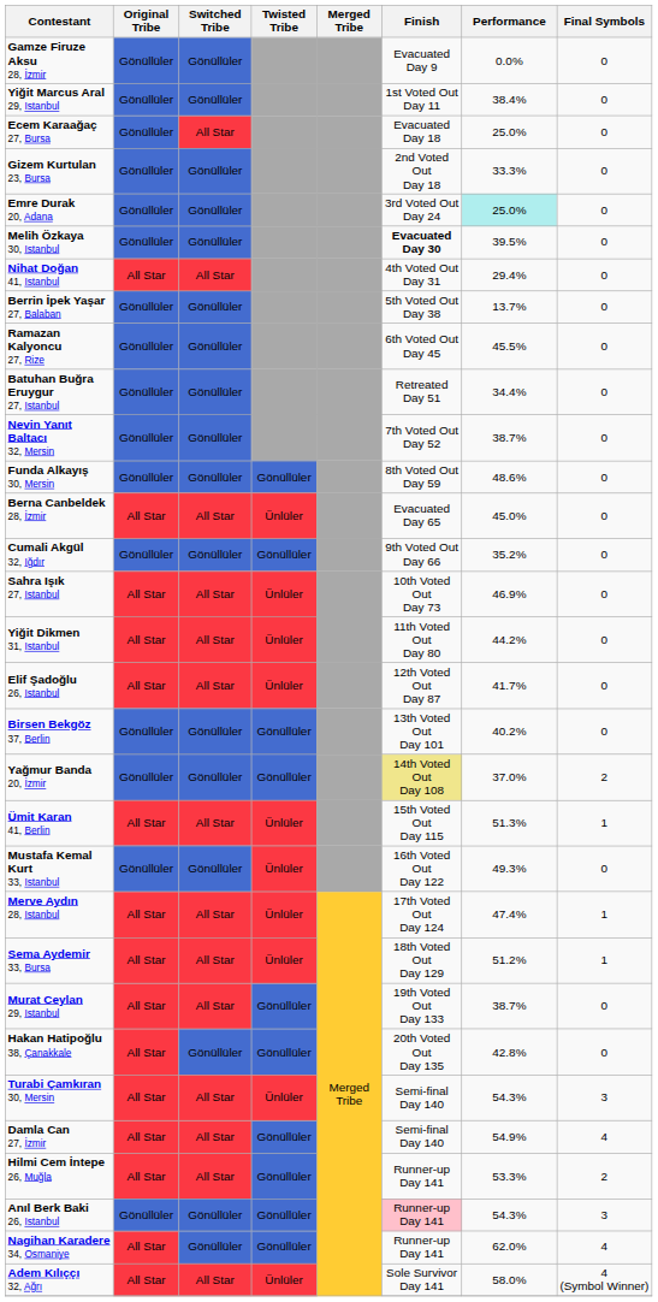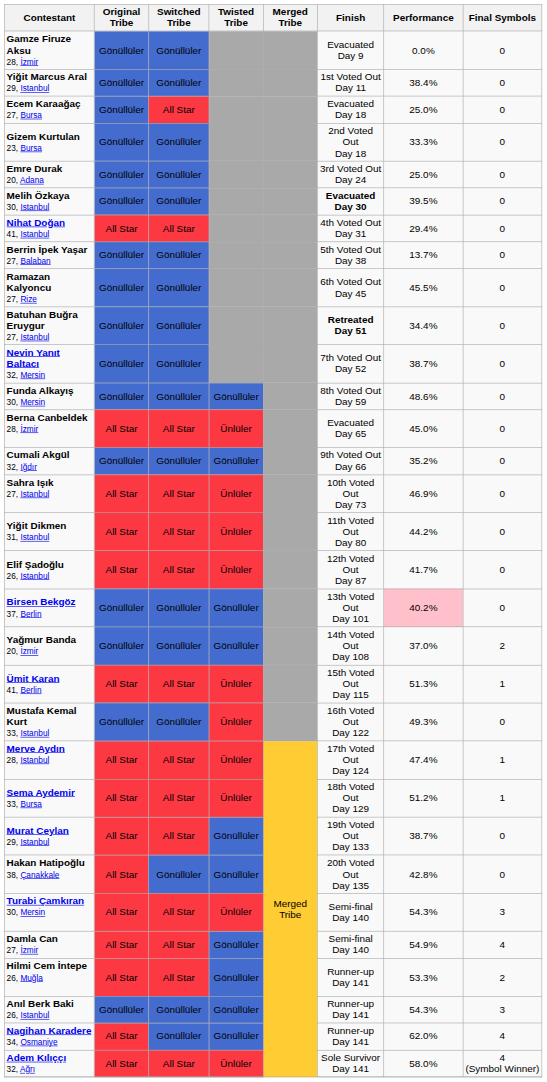 <table class="wikitable sortable mw-collapsible mw-collapsed" style="text-align:left">
 <tr>
 <th>Contestant</th>
 <th width="80">Original Tribe</th>
 <th width="90">Switched Tribe</th>
 <th width="80">Twisted Tribe</th>
 <th width="80">Merged Tribe</th>
 <th width="100">Finish</th>
 <th width="120">Performance</th>
 <th width="120">Final Symbols</th>
 </tr>
 <tr>
 <td align="left"><strong>Gamze Firuze Aksu</strong><br><small>28, <a href='#'>İzmir</a></small></td>
 <td bgcolor="#446CCF" align="center"><span>Gönüllüler</span></td>
 <td bgcolor="#446CCF" align="center"><span>Gönüllüler</span></td>
 <td bgcolor="darkgray"></td>
 <td bgcolor="darkgray"></td>
 <td align="center">Evacuated<br>Day 9</td>
 <td align="center">0.0%</td>
 <td align="center">0</td>
 </tr>
 <tr>
 <td align="left"><strong>Yiğit Marcus Aral</strong><br><small>29, <a href='#'>Istanbul</a></small></td>
 <td bgcolor="#446CCF" align="center"><span>Gönüllüler</span></td>
 <td bgcolor="#446CCF" align="center"><span>Gönüllüler</span></td>
 <td bgcolor="darkgray"></td>
 <td bgcolor="darkgray"></td>
 <td align="center">1st Voted Out<br>Day 11</td>
 <td align="center">38.4%</td>
 <td align="center">0</td>
 </tr>
 <tr>
 <td align="left"><strong>Ecem Karaağaç</strong><br><small>27, <a href='#'>Bursa</a></small></td>
 <td bgcolor="#446CCF" align="center"><span>Gönüllüler</span></td>
 <td bgcolor="#FC3843" align="center"><span>All Star</span></td>
 <td bgcolor="darkgray"></td>
 <td bgcolor="darkgray"></td>
 <td align="center">Evacuated<br>Day 18</td>
 <td align="center">25.0%</td>
 <td align="center">0</td>
 </tr>
 <tr>
 <td align="left"><strong>Gizem Kurtulan</strong><br><small>23, <a href='#'>Bursa</a></small></td>
 <td bgcolor="#446CCF" align="center"><span>Gönüllüler</span></td>
 <td bgcolor="#446CCF" align="center"><span>Gönüllüler</span></td>
 <td bgcolor="darkgray"></td>
 <td bgcolor="darkgray"></td>
 <td align="center">2nd Voted Out<br>Day 18</td>
 <td align="center">33.3%</td>
 <td align="center">0</td>
 </tr>
 <tr>
 <td align="left"><strong>Emre Durak</strong><br><small>20, <a href='#'>Adana</a></small></td>
 <td bgcolor="#446CCF" align="center"><span>Gönüllüler</span></td>
 <td bgcolor="#446CCF" align="center"><span>Gönüllüler</span></td>
 <td bgcolor="darkgray"></td>
 <td bgcolor="darkgray"></td>
 <td align="center">3rd Voted Out<br>Day 24</td>
-<td align="center" style="background: paleturquoise;">25.0%</td>
+<td align="center">25.0%</td>
 <td align="center">0</td>
 </tr>
 <tr>
 <td align="left"><strong>Melih Özkaya</strong><br><small>30, <a href='#'>Istanbul</a></small></td>
 <td bgcolor="#446CCF" align="center"><span>Gönüllüler</span></td>
 <td bgcolor="#446CCF" align="center"><span>Gönüllüler</span></td>
 <td bgcolor="darkgray"></td>
 <td bgcolor="darkgray"></td>
 <td align="center"><strong>Evacuated <br>Day 30</strong></td>
 <td align="center">39.5%</td>
 <td align="center">0</td>
 </tr>
 <tr>
 <td align="left"><strong><a href='#'>Nihat Doğan</a></strong><br><small>41, <a href='#'>Istanbul</a></small><br></td>
 <td bgcolor="#FC3843" align="center"><span>All Star</span></td>
 <td bgcolor="#FC3843" align="center"><span>All Star</span></td>
 <td bgcolor="darkgray"></td>
 <td bgcolor="darkgray"></td>
 <td align="center">4th Voted Out <br>Day 31</td>
 <td align="center">29.4%</td>
 <td align="center">0</td>
 </tr>
 <tr>
 <td align="left"><strong>Berrin İpek Yaşar</strong><br><small>27, <a href='#'>Balaban</a></small></td>
 <td bgcolor="#446CCF" align="center"><span>Gönüllüler</span></td>
 <td bgcolor="#446CCF" align="center"><span>Gönüllüler</span></td>
 <td bgcolor="darkgray"></td>
 <td bgcolor="darkgray"></td>
 <td align="center">5th Voted Out <br>Day 38</td>
 <td align="center">13.7%</td>
 <td align="center">0</td>
 </tr>
 <tr>
 <td align="left"><strong>Ramazan Kalyoncu</strong><br><small>27, <a href='#'>Rize</a></small></td>
 <td bgcolor="#446CCF" align="center"><span>Gönüllüler</span></td>
 <td bgcolor="#446CCF" align="center"><span>Gönüllüler</span></td>
 <td bgcolor="darkgray"></td>
 <td bgcolor="darkgray"></td>
 <td align="center">6th Voted Out <br>Day 45</td>
 <td align="center">45.5%</td>
 <td align="center">0</td>
 </tr>
 <tr>
 <td align="left"><strong>Batuhan Buğra Eruygur</strong><br><small>27, <a href='#'>Istanbul</a></small></td>
 <td bgcolor="#446CCF" align="center"><span>Gönüllüler</span></td>
 <td bgcolor="#446CCF" align="center"><span>Gönüllüler</span></td>
 <td bgcolor="darkgray"></td>
 <td bgcolor="darkgray"></td>
-<td align="center">Retreated <br>Day 51</td>
+<td align="center"><strong>Retreated <br>Day 51</strong></td>
 <td align="center">34.4%</td>
 <td align="center">0</td>
 </tr>
 <tr>
 <td align="left"><strong><a href='#'>Nevin Yanıt Baltacı</a></strong><br><small>32, <a href='#'>Mersin</a></small></td>
 <td bgcolor="#446CCF" align="center"><span>Gönüllüler</span></td>
 <td bgcolor="#446CCF" align="center"><span>Gönüllüler</span></td>
 <td bgcolor="darkgray"></td>
 <td bgcolor="darkgray"></td>
 <td align="center">7th Voted Out <br>Day 52</td>
 <td align="center">38.7%</td>
 <td align="center">0</td>
 </tr>
 <tr>
 <td align="left"><strong>Funda Alkayış</strong><br><small>30, <a href='#'>Mersin</a></small></td>
 <td bgcolor="#446CCF" align="center"><span>Gönüllüler</span></td>
 <td bgcolor="#446CCF" align="center"><span>Gönüllüler</span></td>
 <td bgcolor="#446CCF" align="center"><span>Gönüllüler</span></td>
 <td bgcolor="darkgray"></td>
 <td align="center">8th Voted Out <br>Day 59</td>
 <td align="center">48.6%</td>
 <td align="center">0</td>
 </tr>
 <tr>
 <td align="left"><strong>Berna Canbeldek</strong><br><small>28, <a href='#'>İzmir</a></small><br><br></td>
 <td bgcolor="#FC3843" align="center"><span>All Star</span></td>
 <td bgcolor="#FC3843" align="center"><span>All Star</span></td>
 <td bgcolor="#FC3843" align="center"><span>Ünlüler</span></td>
 <td bgcolor="darkgray"></td>
 <td align="center">Evacuated<br>Day 65</td>
 <td align="center">45.0%</td>
 <td align="center">0</td>
 </tr>
 <tr>
 <td align="left"><strong>Cumali Akgül</strong><br><small>32, <a href='#'>Iğdır</a></small></td>
 <td bgcolor="#446CCF" align="center"><span>Gönüllüler</span></td>
 <td bgcolor="#446CCF" align="center"><span>Gönüllüler</span></td>
 <td bgcolor="#446CCF" align="center"><span>Gönüllüler</span></td>
 <td bgcolor="darkgray"></td>
 <td align="center">9th Voted Out <br>Day 66</td>
 <td align="center">35.2%</td>
 <td align="center">0</td>
 </tr>
 <tr>
 <td align="left"><strong>Sahra Işık</strong><br><small>27, <a href='#'>Istanbul</a></small><br><br></td>
 <td bgcolor="#FC3843" align="center"><span>All Star</span></td>
 <td bgcolor="#FC3843" align="center"><span>All Star</span></td>
 <td bgcolor="#FC3843" align="center"><span>Ünlüler</span></td>
 <td bgcolor="darkgray"></td>
 <td align="center">10th Voted Out <br>Day 73</td>
 <td align="center">46.9%</td>
 <td align="center">0</td>
 </tr>
 <tr>
 <td align="left"><strong>Yiğit Dikmen</strong><br><small>31, <a href='#'>Istanbul</a></small><br></td>
 <td bgcolor="#FC3843" align="center"><span>All Star</span></td>
 <td bgcolor="#FC3843" align="center"><span>All Star</span></td>
 <td bgcolor="#FC3843" align="center"><span>Ünlüler</span></td>
 <td bgcolor="darkgray"></td>
 <td align="center">11th Voted Out <br>Day 80</td>
 <td align="center">44.2%</td>
 <td align="center">0</td>
 </tr>
 <tr>
 <td align="left"><strong>Elif Şadoğlu</strong><br><small>26, <a href='#'>Istanbul</a></small><br></td>
 <td bgcolor="#FC3843" align="center"><span>All Star</span></td>
 <td bgcolor="#FC3843" align="center"><span>All Star</span></td>
 <td bgcolor="#FC3843" align="center"><span>Ünlüler</span></td>
 <td bgcolor="darkgray"></td>
 <td align="center">12th Voted Out <br>Day 87</td>
 <td align="center">41.7%</td>
 <td align="center">0</td>
 </tr>
 <tr>
 <td align="left"><strong><a href='#'>Birsen Bekgöz</a></strong><br><small>37, <a href='#'>Berlin</a></small></td>
 <td bgcolor="#446CCF" align="center"><span>Gönüllüler</span></td>
 <td bgcolor="#446CCF" align="center"><span>Gönüllüler</span></td>
 <td bgcolor="#446CCF" align="center"><span>Gönüllüler</span></td>
 <td bgcolor="darkgray"></td>
 <td align="center">13th Voted Out <br>Day 101</td>
-<td align="center">40.2%</td>
+<td align="center" style="background: pink;">40.2%</td>
 <td align="center">0</td>
 </tr>
 <tr>
 <td align="left"><strong>Yağmur Banda</strong><br><small>20, <a href='#'>İzmir</a></small></td>
 <td bgcolor="#446CCF" align="center"><span>Gönüllüler</span></td>
 <td bgcolor="#446CCF" align="center"><span>Gönüllüler</span></td>
 <td bgcolor="#446CCF" align="center"><span>Gönüllüler</span></td>
 <td bgcolor="darkgray"></td>
-<td align="center" style="background: khaki;">14th Voted Out <br>Day 108</td>
+<td align="center">14th Voted Out <br>Day 108</td>
 <td align="center">37.0%</td>
 <td align="center">2</td>
 </tr>
 <tr>
 <td align="left"><strong><a href='#'>Ümit Karan</a></strong><br><small>41, <a href='#'>Berlin</a></small><br></td>
 <td bgcolor="#FC3843" align="center"><span>All Star</span></td>
 <td bgcolor="#FC3843" align="center"><span>All Star</span></td>
 <td bgcolor="#FC3843" align="center"><span>Ünlüler</span></td>
 <td bgcolor="darkgray"></td>
 <td align="center">15th Voted Out <br>Day 115</td>
 <td align="center">51.3%</td>
 <td align="center">1</td>
 </tr>
 <tr>
 <td align="left"><strong>Mustafa Kemal Kurt</strong><br><small>33, <a href='#'>Istanbul</a></small></td>
 <td bgcolor="#446CCF" align="center"><span>Gönüllüler</span></td>
 <td bgcolor="#446CCF" align="center"><span>Gönüllüler</span></td>
 <td bgcolor="#FC3843" align="center"><span>Ünlüler</span></td>
 <td bgcolor="darkgray"></td>
 <td align="center">16th Voted Out <br>Day 122</td>
 <td align="center">49.3%</td>
 <td align="center">0</td>
 </tr>
 <tr>
 <td align="left"><strong><a href='#'>Merve Aydın</a></strong><br><small>28, <a href='#'>Istanbul</a></small><br><br></td>
 <td bgcolor="#FC3843" align="center"><span>All Star</span></td>
 <td bgcolor="#FC3843" align="center"><span>All Star</span></td>
 <td bgcolor="#FC3843" align="center"><span>Ünlüler</span></td>
 <td bgcolor="#FFCC33" align="center" rowspan="15">Merged Tribe</td>
 <td align="center">17th Voted Out <br>Day 124</td>
 <td align="center">47.4%</td>
 <td align="center">1</td>
 </tr>
 <tr>
 <td align="left"><strong><a href='#'>Sema Aydemir</a></strong><br><small>33, <a href='#'>Bursa</a></small><br></td>
 <td bgcolor="#FC3843" align="center"><span>All Star</span></td>
 <td bgcolor="#FC3843" align="center"><span>All Star</span></td>
 <td bgcolor="#FC3843" align="center"><span>Ünlüler</span></td>
 <td align="center">18th Voted Out <br>Day 129</td>
 <td align="center">51.2%</td>
 <td align="center">1</td>
 </tr>
 <tr>
 <td align="left"><strong><a href='#'>Murat Ceylan</a></strong> <br><small>29, <a href='#'>Istanbul</a></small><br></td>
 <td bgcolor="#FC3843" align="center"><span>All Star</span></td>
 <td bgcolor="#FC3843" align="center"><span>All Star</span></td>
 <td bgcolor="#446CCF" align="center"><span>Gönüllüler</span></td>
 <td align="center">19th Voted Out <br>Day 133</td>
 <td align="center">38.7%</td>
 <td align="center">0</td>
 </tr>
 <tr>
 <td align="left"><strong>Hakan Hatipoğlu</strong><br><small>38, <a href='#'>Çanakkale</a></small><br><br></td>
 <td bgcolor="#FC3843" align="center"><span>All Star</span></td>
 <td bgcolor="#446CCF" align="center"><span>Gönüllüler</span></td>
 <td bgcolor="#446CCF" align="center"><span>Gönüllüler</span></td>
 <td align="center">20th Voted Out <br>Day 135</td>
 <td align="center">42.8%</td>
 <td align="center">0</td>
 </tr>
 <tr>
 <td align="left"><strong><a href='#'>Turabi Çamkıran</a></strong><br><small>30, <a href='#'>Mersin</a></small><br><br></td>
 <td bgcolor="#FC3843" align="center"><span>All Star</span></td>
 <td bgcolor="#FC3843" align="center"><span>All Star</span></td>
 <td bgcolor="#FC3843" align="center"><span>Ünlüler</span></td>
 <td align="center">Semi-final <br>Day 140</td>
 <td align="center">54.3%</td>
 <td align="center">3</td>
 </tr>
 <tr>
 <td align="left"><strong>Damla Can</strong><br><small>27, <a href='#'>İzmir</a></small><br></td>
 <td bgcolor="#FC3843" align="center"><span>All Star</span></td>
 <td bgcolor="#FC3843" align="center"><span>All Star</span></td>
 <td bgcolor="#446CCF" align="center"><span>Gönüllüler</span></td>
 <td align="center">Semi-final <br>Day 140</td>
 <td align="center">54.9%</td>
 <td align="center">4</td>
 </tr>
 <tr>
 <td align="left"><strong>Hilmi Cem İntepe</strong><br><small>26, <a href='#'>Muğla</a></small><br><br></td>
 <td bgcolor="#FC3843" align="center"><span>All Star</span></td>
 <td bgcolor="#FC3843" align="center"><span>All Star</span></td>
 <td bgcolor="#446CCF" align="center"><span>Gönüllüler</span></td>
 <td align="center">Runner-up <br>Day 141</td>
 <td align="center">53.3%</td>
 <td align="center">2</td>
 </tr>
 <tr>
 <td align="left"><strong>Anıl Berk Baki</strong><br><small>26, <a href='#'>Istanbul</a></small></td>
 <td bgcolor="#446CCF" align="center"><span>Gönüllüler</span></td>
 <td bgcolor="#446CCF" align="center"><span>Gönüllüler</span></td>
 <td bgcolor="#446CCF" align="center"><span>Gönüllüler</span></td>
-<td align="center" style="background: pink;">Runner-up <br>Day 141</td>
+<td align="center">Runner-up <br>Day 141</td>
 <td align="center">54.3%</td>
 <td align="center">3</td>
 </tr>
 <tr>
 <td align="left"><strong><a href='#'>Nagihan Karadere</a></strong><small><br>34, <a href='#'>Osmaniye</a></small><br></td>
 <td bgcolor="#FC3843" align="center"><span>All Star</span></td>
 <td bgcolor="#446CCF" align="center"><span>Gönüllüler</span></td>
 <td bgcolor="#446CCF" align="center"><span>Gönüllüler</span></td>
 <td align="center">Runner-up <br>Day 141</td>
 <td align="center">62.0%</td>
 <td align="center">4</td>
 </tr>
 <tr>
 <td align="left"><strong><a href='#'>Adem Kılıççı</a></strong><br><small>32, <a href='#'>Ağrı</a></small><br></td>
 <td bgcolor="#FC3843" align="center"><span>All Star</span></td>
 <td bgcolor="#FC3843" align="center"><span>All Star</span></td>
 <td bgcolor="#FC3843" align="center"><span>Ünlüler</span></td>
 <td align="center">Sole Survivor <br>Day 141</td>
 <td align="center">58.0%</td>
 <td align="center">4<br>(Symbol Winner)</td>
 </tr>
 <tr>
 </tr>
 </table>
